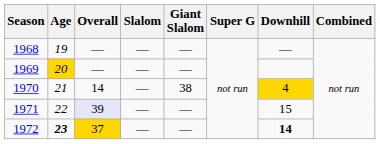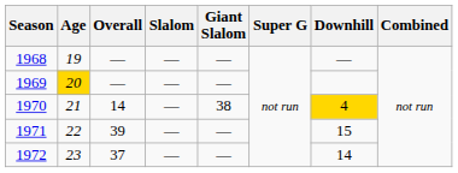 <table class=wikitable style="text-align:center">
 <tr>
 <th>Season</th>
 <th>Age</th>
 <th>Overall</th>
 <th>Slalom</th>
 <th>Giant<br>Slalom</th>
 <th>Super G</th>
 <th>Downhill</th>
 <th>Combined</th>
 </tr>
 <tr>
 <td><a href='#'>1968</a></td>
 <td><em>19</em></td>
 <td>—</td>
 <td>—</td>
 <td>—</td>
 <td rowspan=5 align=center><small><em>not run</em></small></td>
 <td>—</td>
 <td rowspan=5 align=center><small><em>not run</em></small></td>
 </tr>
 <tr>
 <td><a href='#'>1969</a></td>
 <td style="background: gold;"><em>20</em></td>
 <td>—</td>
 <td>—</td>
 <td>—</td>
 </tr>
 <tr>
 <td><a href='#'>1970</a></td>
 <td><em>21</em></td>
 <td>14</td>
 <td>—</td>
 <td>38</td>
 <td style="background: gold;">4</td>
 </tr>
 <tr>
 <td><a href='#'>1971</a></td>
 <td><em>22</em></td>
-<td style="background: lavender;">39</td>
+<td>39</td>
 <td>—</td>
 <td>—</td>
 <td>15</td>
 </tr>
 <tr>
 <td><a href='#'>1972</a></td>
-<td><strong><em>23</em></strong></td>
-<td style="background: gold;">37</td>
+<td><em>23</em></td>
+<td>37</td>
 <td>—</td>
 <td>—</td>
-<td><strong>14</strong></td>
+<td>14</td>
 </tr>
 </table>
